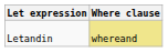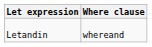 <table class="wikitable">
 <tr>
 <th>Let expression</th>
 <th>Where clause</th>
 </tr>
 <tr>
 <td><br>Letandin</td>
-<td style="background: khaki;"><br>whereand</td>
+<td><br>whereand</td>
 </tr>
 </table>
